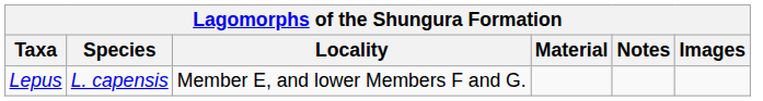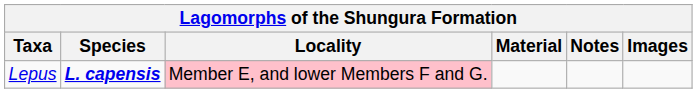 <table class="wikitable" align="center">
 <tr>
 <th colspan="7" align="center"><strong><a href='#'>Lagomorphs</a></strong> of the Shungura Formation</th>
 </tr>
 <tr>
 <th>Taxa</th>
 <th>Species</th>
 <th>Locality</th>
 <th>Material</th>
 <th>Notes</th>
 <th>Images</th>
 </tr>
 <tr>
 <td><em><a href='#'>Lepus</a></em></td>
-<td><em><a href='#'>L. capensis</a></em></td>
-<td>Member E, and lower Members F and G.</td>
+<td><strong><em><a href='#'>L. capensis</a></em></strong></td>
+<td style="background: pink;">Member E, and lower Members F and G.</td>
 <td></td>
 <td></td>
 <td></td>
 </tr>
 </table>
